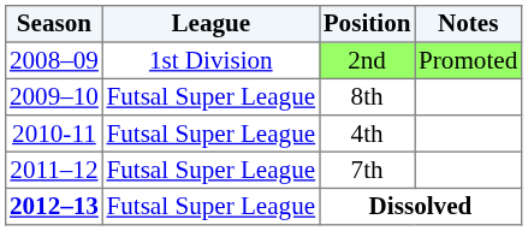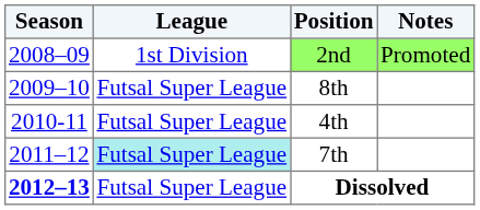 <table border="1" cellpadding="2" style="border-collapse:collapse; text-align:center; font-size:normal;">
 <tr style="background:#f0f6fa;">
 <th>Season</th>
 <th>League</th>
 <th>Position</th>
 <th>Notes</th>
 </tr>
 <tr>
 <td><a href='#'>2008–09</a></td>
 <td><a href='#'>1st Division</a></td>
 <td bgcolor=99FF66>2nd</td>
 <td bgcolor=99FF66>Promoted</td>
 </tr>
 <tr>
 <td><a href='#'>2009–10</a></td>
 <td><a href='#'>Futsal Super League</a></td>
 <td>8th</td>
 <td></td>
 </tr>
 <tr>
 <td><a href='#'>2010-11</a></td>
 <td><a href='#'>Futsal Super League</a></td>
 <td>4th</td>
 <td></td>
 </tr>
 <tr>
 <td><a href='#'>2011–12</a></td>
-<td><a href='#'>Futsal Super League</a></td>
+<td style="background: paleturquoise;"><a href='#'>Futsal Super League</a></td>
 <td>7th</td>
 <td></td>
 </tr>
 <tr>
 <td><strong><a href='#'>2012–13</a></strong></td>
 <td><a href='#'>Futsal Super League</a></td>
 <th colspan=2>Dissolved</th>
 </tr>
 </table>
